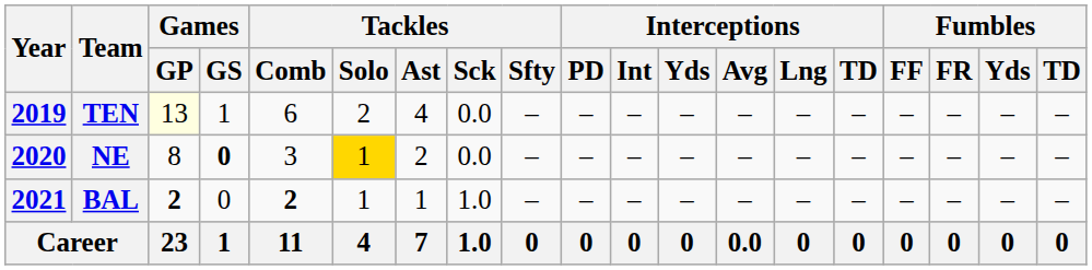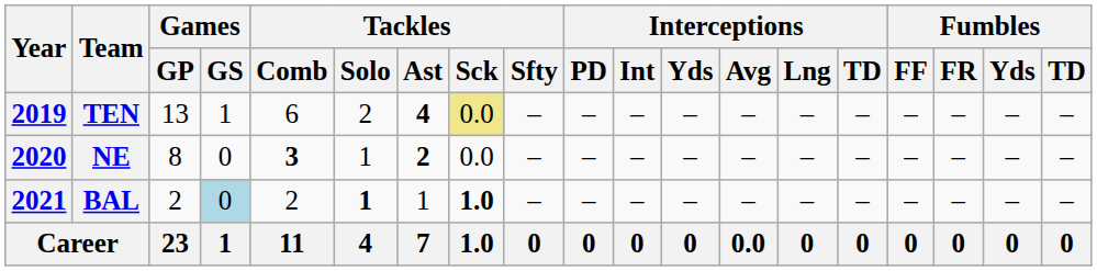 <table class=wikitable style="text-align:center;">
 <tr>
 <th rowspan="2">Year</th>
 <th rowspan="2">Team</th>
 <th colspan="2">Games</th>
 <th colspan="5">Tackles</th>
 <th colspan="6">Interceptions</th>
 <th colspan="4">Fumbles</th>
 </tr>
 <tr>
 <th>GP</th>
 <th>GS</th>
 <th>Comb</th>
 <th>Solo</th>
 <th>Ast</th>
 <th>Sck</th>
 <th>Sfty</th>
 <th>PD</th>
 <th>Int</th>
 <th>Yds</th>
 <th>Avg</th>
 <th>Lng</th>
 <th>TD</th>
 <th>FF</th>
 <th>FR</th>
 <th>Yds</th>
 <th>TD</th>
 </tr>
 <tr>
 <th><a href='#'>2019</a></th>
 <th><a href='#'>TEN</a></th>
-<td style="background: lightyellow;">13</td>
+<td>13</td>
 <td>1</td>
 <td>6</td>
 <td>2</td>
-<td>4</td>
-<td>0.0</td>
+<td><strong>4</strong></td>
+<td style="background: khaki;">0.0</td>
 <td>–</td>
 <td>–</td>
 <td>–</td>
 <td>–</td>
 <td>–</td>
 <td>–</td>
 <td>–</td>
 <td>–</td>
 <td>–</td>
 <td>–</td>
 <td>–</td>
 </tr>
 <tr>
 <th><a href='#'>2020</a></th>
 <th><a href='#'>NE</a></th>
 <td>8</td>
-<td><strong>0</strong></td>
-<td>3</td>
-<td style="background: gold;">1</td>
-<td>2</td>
+<td>0</td>
+<td><strong>3</strong></td>
+<td>1</td>
+<td><strong>2</strong></td>
 <td>0.0</td>
 <td>–</td>
 <td>–</td>
 <td>–</td>
 <td>–</td>
 <td>–</td>
 <td>–</td>
 <td>–</td>
 <td>–</td>
 <td>–</td>
 <td>–</td>
 <td>–</td>
 </tr>
 <tr>
 <th><a href='#'>2021</a></th>
 <th><a href='#'>BAL</a></th>
-<td><strong>2</strong></td>
-<td>0</td>
-<td><strong>2</strong></td>
+<td>2</td>
+<td style="background: lightblue;">0</td>
+<td>2</td>
+<td><strong>1</strong></td>
 <td>1</td>
-<td>1</td>
-<td>1.0</td>
+<td><strong>1.0</strong></td>
 <td>–</td>
 <td>–</td>
 <td>–</td>
 <td>–</td>
 <td>–</td>
 <td>–</td>
 <td>–</td>
 <td>–</td>
 <td>–</td>
 <td>–</td>
 <td>–</td>
 </tr>
 <tr>
 <th colspan="2">Career</th>
 <th>23</th>
 <th>1</th>
 <th>11</th>
 <th>4</th>
 <th>7</th>
 <th>1.0</th>
 <th>0</th>
 <th>0</th>
 <th>0</th>
 <th>0</th>
 <th>0.0</th>
 <th>0</th>
 <th>0</th>
 <th>0</th>
 <th>0</th>
 <th>0</th>
 <th>0</th>
 </tr>
 </table>
